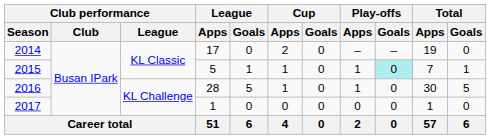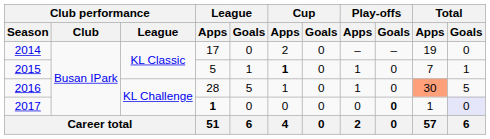 <table class="wikitable" style="text-align:center">
 <tr>
 <th colspan=3>Club performance</th>
 <th colspan=2>League</th>
 <th colspan=2>Cup</th>
 <th colspan=2>Play-offs</th>
 <th colspan=2>Total</th>
 </tr>
 <tr>
 <th>Season</th>
 <th>Club</th>
 <th>League</th>
 <th>Apps</th>
 <th>Goals</th>
 <th>Apps</th>
 <th>Goals</th>
 <th>Apps</th>
 <th>Goals</th>
 <th>Apps</th>
 <th>Goals</th>
 </tr>
 <tr>
 <td><a href='#'>2014</a></td>
 <td rowspan="4"><a href='#'>Busan IPark</a></td>
 <td rowspan="2"><a href='#'>KL Classic</a></td>
 <td>17</td>
 <td>0</td>
 <td>2</td>
 <td>0</td>
 <td>–</td>
 <td>–</td>
 <td>19</td>
 <td>0</td>
 </tr>
 <tr>
 <td><a href='#'>2015</a></td>
 <td>5</td>
 <td>1</td>
+<td><strong>1</strong></td>
+<td>0</td>
 <td>1</td>
 <td>0</td>
-<td>1</td>
-<td style="background: paleturquoise;">0</td>
 <td>7</td>
 <td>1</td>
 </tr>
 <tr>
 <td><a href='#'>2016</a></td>
 <td rowspan="2"><a href='#'>KL Challenge</a></td>
 <td>28</td>
 <td>5</td>
 <td>1</td>
 <td>0</td>
 <td>1</td>
 <td>0</td>
-<td>30</td>
+<td style="background: lightsalmon;">30</td>
 <td>5</td>
 </tr>
 <tr>
 <td><a href='#'>2017</a></td>
-<td>1</td>
+<td><strong>1</strong></td>
 <td>0</td>
 <td>0</td>
 <td>0</td>
 <td>0</td>
-<td>0</td>
+<td><strong>0</strong></td>
 <td>1</td>
-<td>0</td>
+<td style="background: lavender;">0</td>
 </tr>
 <tr>
 <th colspan=3>Career total</th>
 <th>51</th>
 <th>6</th>
 <th>4</th>
 <th>0</th>
 <th>2</th>
 <th>0</th>
 <th>57</th>
 <th>6</th>
 </tr>
 </table>
